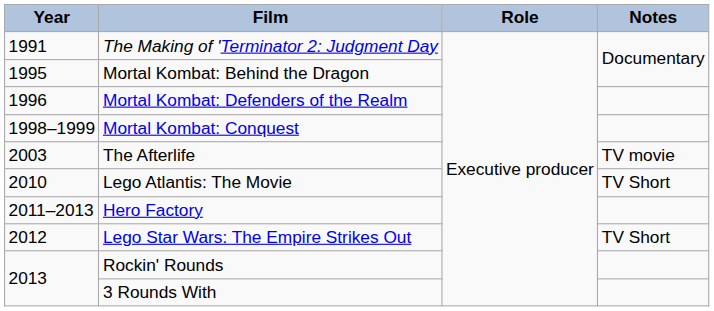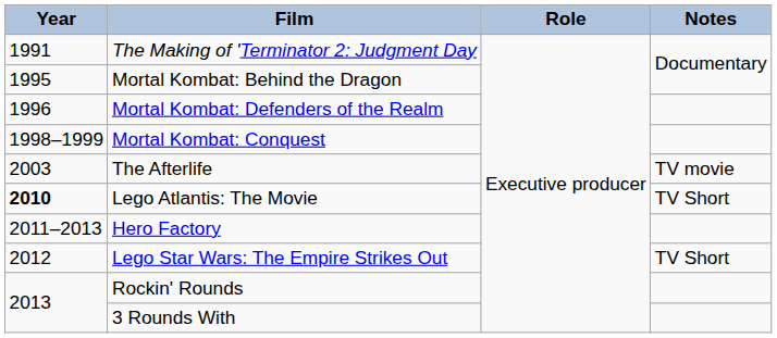 <table class="wikitable">
 <tr align="center">
 <th style="background:#B0C4DE;">Year</th>
 <th style="background:#B0C4DE;">Film</th>
 <th style="background:#B0C4DE;">Role</th>
 <th style="background:#B0C4DE;">Notes</th>
 </tr>
 <tr>
 <td>1991</td>
 <td><em>The Making of '<a href='#'>Terminator 2: Judgment Day</a><strong></td>
 <td rowspan="10">Executive producer</td>
 <td rowspan="2">Documentary</td>
 </tr>
 <tr>
 <td>1995</td>
 <td></em>Mortal Kombat: Behind the Dragon<em></td>
 </tr>
 <tr>
 <td>1996</td>
 <td></em><a href='#'>Mortal Kombat: Defenders of the Realm</a><em></td>
 <td></td>
 </tr>
 <tr>
 <td>1998–1999</td>
 <td></em><a href='#'>Mortal Kombat: Conquest</a><em></td>
 <td></td>
 </tr>
 <tr>
 <td>2003</td>
 <td></em>The Afterlife<em></td>
 <td>TV movie</td>
 </tr>
 <tr>
-<td>2010</td>
+<td><strong>2010</strong></td>
 <td></em>Lego Atlantis: The Movie<em></td>
 <td>TV Short</td>
 </tr>
 <tr>
 <td>2011–2013</td>
 <td></em><a href='#'>Hero Factory</a><em></td>
 <td></td>
 </tr>
 <tr>
 <td>2012</td>
 <td></em><a href='#'>Lego Star Wars: The Empire Strikes Out</a><em></td>
 <td>TV Short</td>
 </tr>
 <tr>
 <td rowspan=2>2013</td>
 <td></em>Rockin' Rounds<em></td>
 <td></td>
 </tr>
 <tr>
 <td></em>3 Rounds With<em></td>
 <td></td>
 </tr>
 </table>
